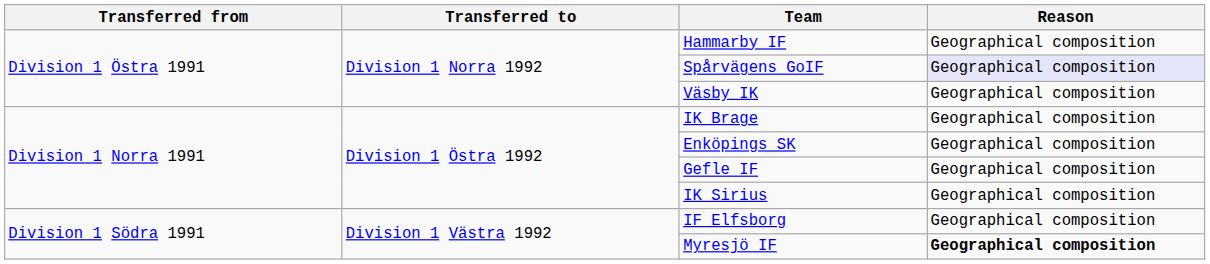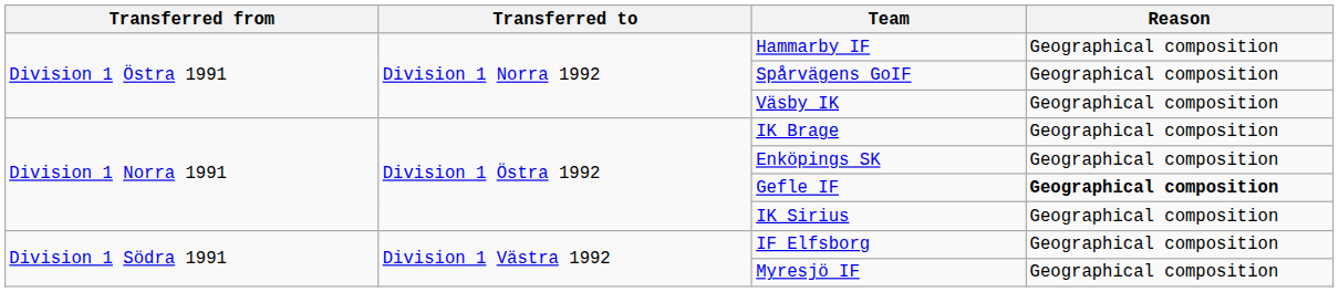 <table class="wikitable" style="text-align: left">
 <tr>
 <th style="width: 275px;">Transferred from</th>
 <th style="width: 275px;">Transferred to</th>
 <th style="width: 200px;">Team</th>
 <th style="width: 225px;">Reason</th>
 </tr>
 <tr>
 <td rowspan=3><a href='#'>Division 1</a> <a href='#'>Östra</a> 1991</td>
 <td rowspan=3><a href='#'>Division 1</a> <a href='#'>Norra</a> 1992</td>
 <td><a href='#'>Hammarby IF</a></td>
 <td>Geographical composition</td>
 </tr>
 <tr>
 <td><a href='#'>Spårvägens GoIF</a></td>
-<td style="background: lavender;">Geographical composition</td>
+<td>Geographical composition</td>
 </tr>
 <tr>
 <td><a href='#'>Väsby IK</a></td>
 <td>Geographical composition</td>
 </tr>
 <tr>
 <td rowspan=4><a href='#'>Division 1</a> <a href='#'>Norra</a> 1991</td>
 <td rowspan=4><a href='#'>Division 1</a> <a href='#'>Östra</a> 1992</td>
 <td><a href='#'>IK Brage</a></td>
 <td>Geographical composition</td>
 </tr>
 <tr>
 <td><a href='#'>Enköpings SK</a></td>
 <td>Geographical composition</td>
 </tr>
 <tr>
 <td><a href='#'>Gefle IF</a></td>
-<td>Geographical composition</td>
+<td><strong>Geographical composition</strong></td>
 </tr>
 <tr>
 <td><a href='#'>IK Sirius</a></td>
 <td>Geographical composition</td>
 </tr>
 <tr>
 <td rowspan=2><a href='#'>Division 1</a> <a href='#'>Södra</a> 1991</td>
 <td rowspan=2><a href='#'>Division 1</a> <a href='#'>Västra</a> 1992</td>
 <td><a href='#'>IF Elfsborg</a></td>
 <td>Geographical composition</td>
 </tr>
 <tr>
 <td><a href='#'>Myresjö IF</a></td>
-<td><strong>Geographical composition</strong></td>
+<td>Geographical composition</td>
 </tr>
 </table>
